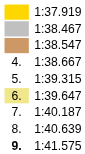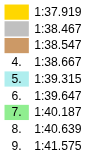 <table style="text-align:center">
 <tr>
 <td style="width:30px; background:gold;"></td>
 <td align=left></td>
 <td width=60>1:37.919</td>
 </tr>
 <tr>
 <td style="background:silver;"></td>
 <td align=left></td>
 <td>1:38.467</td>
 </tr>
 <tr>
 <td style="background:#c96;"></td>
 <td align=left></td>
 <td>1:38.547</td>
 </tr>
 <tr>
 <td>4.</td>
 <td align=left></td>
 <td>1:38.667</td>
 </tr>
 <tr>
-<td>5.</td>
+<td style="background: paleturquoise;">5.</td>
 <td align=left></td>
 <td>1:39.315</td>
 </tr>
 <tr>
-<td style="background: khaki;">6.</td>
+<td>6.</td>
 <td align=left></td>
 <td>1:39.647</td>
 </tr>
 <tr>
-<td>7.</td>
+<td style="background: lightgreen;">7.</td>
 <td align=left></td>
 <td>1:40.187</td>
 </tr>
 <tr>
 <td>8.</td>
 <td align=left></td>
 <td>1:40.639</td>
 </tr>
 <tr>
-<td><strong>9.</strong></td>
+<td>9.</td>
 <td align=left></td>
 <td>1:41.575</td>
 </tr>
 </table>
